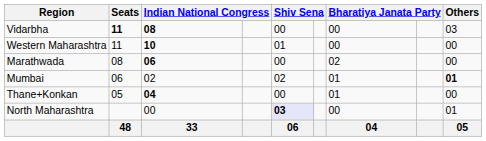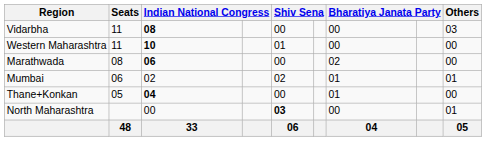 <table class="wikitable">
 <tr>
 <th>Region</th>
 <th>Seats</th>
 <th colspan="2"><a href='#'>Indian National Congress</a></th>
 <th colspan="2"><a href='#'>Shiv Sena</a></th>
 <th colspan="2"><a href='#'>Bharatiya Janata Party</a></th>
 <th>Others</th>
 </tr>
 <tr>
 <td>Vidarbha</td>
-<td><strong>11</strong></td>
+<td>11</td>
 <td><strong>08</strong></td>
 <td></td>
 <td>00</td>
 <td></td>
 <td>00</td>
 <td></td>
 <td>03</td>
 </tr>
 <tr>
 <td>Western Maharashtra</td>
 <td>11</td>
 <td><strong>10</strong></td>
 <td></td>
 <td>01</td>
 <td></td>
 <td>00</td>
 <td></td>
 <td>00</td>
 </tr>
 <tr>
 <td>Marathwada</td>
 <td>08</td>
 <td><strong>06</strong></td>
 <td></td>
 <td>00</td>
 <td></td>
 <td>02</td>
 <td></td>
 <td>00</td>
 </tr>
 <tr>
 <td>Mumbai</td>
 <td>06</td>
 <td>02</td>
 <td></td>
 <td>02</td>
 <td></td>
 <td>01</td>
 <td></td>
-<td><strong>01</strong></td>
+<td>01</td>
 </tr>
 <tr>
 <td>Thane+Konkan</td>
 <td>05</td>
 <td><strong>04</strong></td>
 <td></td>
 <td>00</td>
 <td></td>
 <td>01</td>
 <td></td>
 <td>00</td>
 </tr>
 <tr>
 <td>North Maharashtra</td>
 <td></td>
 <td>00</td>
 <td></td>
-<td style="background: lavender;"><strong>03</strong></td>
+<td><strong>03</strong></td>
 <td></td>
 <td>00</td>
 <td></td>
 <td>01</td>
 </tr>
 <tr>
 <th></th>
 <th>48</th>
 <th>33</th>
 <th></th>
 <th>06</th>
 <th></th>
 <th>04</th>
 <th></th>
 <th>05</th>
 </tr>
 </table>
